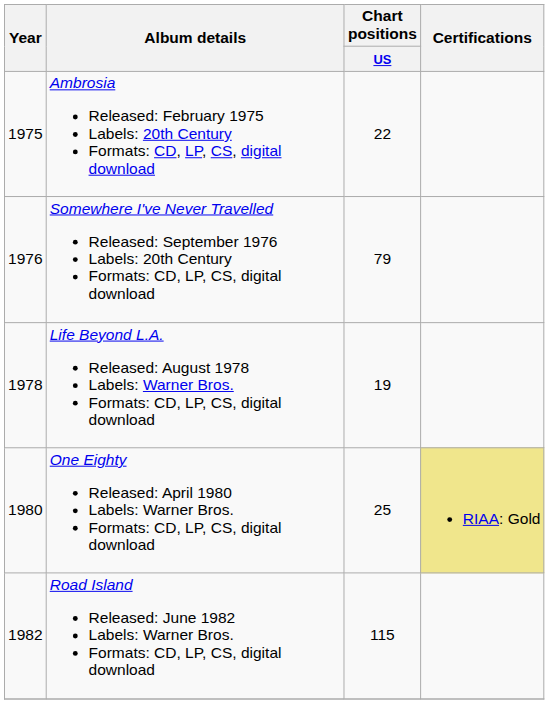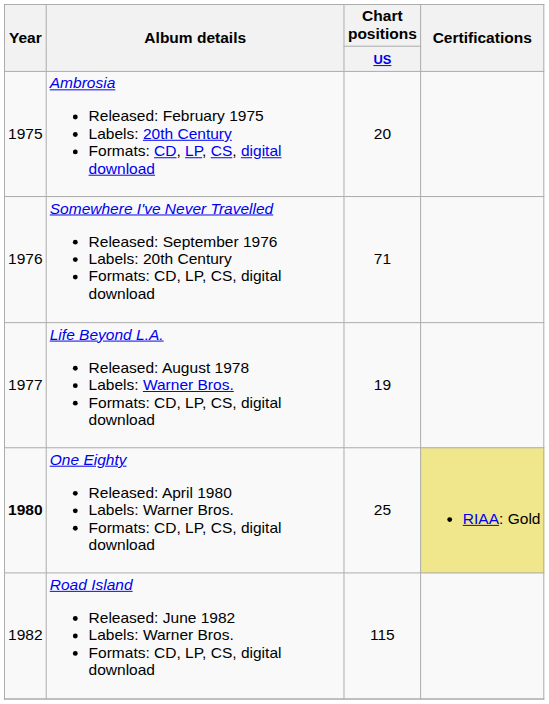 <table class="wikitable" border="1">
 <tr>
 <th rowspan="2">Year</th>
 <th rowspan="2" width="300">Album details</th>
 <th>Chart positions</th>
 <th rowspan="2">Certifications</th>
 </tr>
 <tr>
 <th style="width:50px;"><small><a href='#'>US</a></small><br></th>
 </tr>
 <tr>
 <td>1975</td>
 <td><em><a href='#'>Ambrosia</a></em><br><ul><li>Released: February 1975</li><li>Labels: <a href='#'>20th Century</a></li><li>Formats: <a href='#'>CD</a>, <a href='#'>LP</a>, <a href='#'>CS</a>, <a href='#'>digital download</a></li></ul></td>
-<td align="center">22</td>
+<td align="center">20</td>
 <td></td>
 </tr>
 <tr>
 <td>1976</td>
 <td><em><a href='#'>Somewhere I've Never Travelled</a></em><br><ul><li>Released: September 1976</li><li>Labels: 20th Century</li><li>Formats: CD, LP, CS, digital download</li></ul></td>
-<td align="center">79</td>
+<td align="center">71</td>
 <td></td>
 </tr>
 <tr>
-<td>1978</td>
+<td>1977</td>
 <td><em><a href='#'>Life Beyond L.A.</a></em><br><ul><li>Released: August 1978</li><li>Labels: <a href='#'>Warner Bros.</a></li><li>Formats: CD, LP, CS, digital download</li></ul></td>
 <td align="center">19</td>
 <td></td>
 </tr>
 <tr>
-<td>1980</td>
+<td><strong>1980</strong></td>
 <td><em><a href='#'>One Eighty</a></em><br><ul><li>Released: April 1980</li><li>Labels: Warner Bros.</li><li>Formats: CD, LP, CS, digital download</li></ul></td>
 <td align="center">25</td>
 <td style="background: khaki;"><br><ul><li><a href='#'>RIAA</a>: Gold</li></ul></td>
 </tr>
 <tr>
 <td>1982</td>
 <td><em><a href='#'>Road Island</a></em><br><ul><li>Released: June 1982</li><li>Labels: Warner Bros.</li><li>Formats: CD, LP, CS, digital download</li></ul></td>
 <td align="center">115</td>
 <td></td>
 </tr>
 <tr>
 </tr>
 </table>
